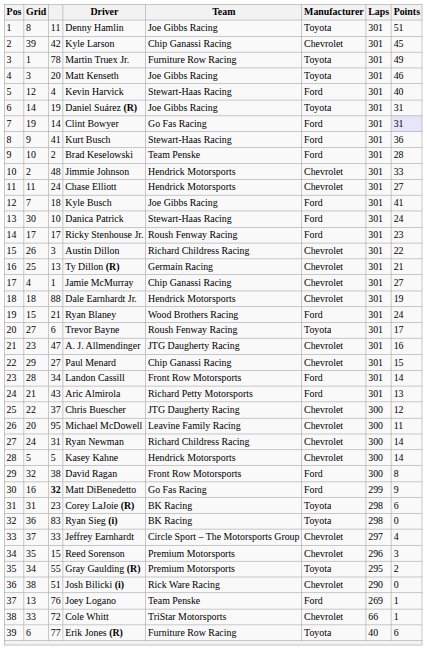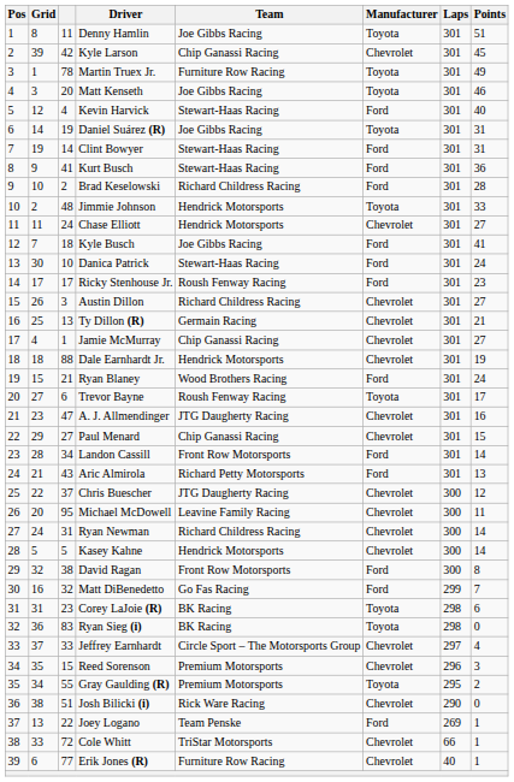 <table class="wikitable" style="font-size:98%">
 <tr>
 <th>Pos</th>
 <th>Grid</th>
 <th></th>
 <th>Driver</th>
 <th>Team</th>
 <th>Manufacturer</th>
 <th>Laps</th>
 <th>Points</th>
 </tr>
 <tr>
 <td>1</td>
 <td>8</td>
 <td>11</td>
 <td>Denny Hamlin</td>
 <td>Joe Gibbs Racing</td>
 <td>Toyota</td>
 <td>301</td>
 <td>51</td>
 </tr>
 <tr>
 <td>2</td>
 <td>39</td>
 <td>42</td>
 <td>Kyle Larson</td>
 <td>Chip Ganassi Racing</td>
 <td>Chevrolet</td>
 <td>301</td>
 <td>45</td>
 </tr>
 <tr>
 <td>3</td>
 <td>1</td>
 <td>78</td>
 <td>Martin Truex Jr.</td>
 <td>Furniture Row Racing</td>
 <td>Toyota</td>
 <td>301</td>
 <td>49</td>
 </tr>
 <tr>
 <td>4</td>
 <td>3</td>
 <td>20</td>
 <td>Matt Kenseth</td>
 <td>Joe Gibbs Racing</td>
 <td>Toyota</td>
 <td>301</td>
 <td>46</td>
 </tr>
 <tr>
 <td>5</td>
 <td>12</td>
 <td>4</td>
 <td>Kevin Harvick</td>
 <td>Stewart-Haas Racing</td>
 <td>Ford</td>
 <td>301</td>
 <td>40</td>
 </tr>
 <tr>
 <td>6</td>
 <td>14</td>
 <td>19</td>
 <td>Daniel Suárez <strong>(R)</strong></td>
 <td>Joe Gibbs Racing</td>
 <td>Toyota</td>
 <td>301</td>
 <td>31</td>
 </tr>
 <tr>
 <td>7</td>
 <td>19</td>
 <td>14</td>
 <td>Clint Bowyer</td>
-<td>Go Fas Racing</td>
+<td>Stewart-Haas Racing</td>
 <td>Ford</td>
 <td>301</td>
-<td style="background: lavender;">31</td>
+<td>31</td>
 </tr>
 <tr>
 <td>8</td>
 <td>9</td>
 <td>41</td>
 <td>Kurt Busch</td>
 <td>Stewart-Haas Racing</td>
 <td>Ford</td>
 <td>301</td>
 <td>36</td>
 </tr>
 <tr>
 <td>9</td>
 <td>10</td>
 <td>2</td>
 <td>Brad Keselowski</td>
-<td>Team Penske</td>
+<td>Richard Childress Racing</td>
 <td>Ford</td>
 <td>301</td>
 <td>28</td>
 </tr>
 <tr>
 <td>10</td>
 <td>2</td>
 <td>48</td>
 <td>Jimmie Johnson</td>
 <td>Hendrick Motorsports</td>
-<td>Chevrolet</td>
+<td>Toyota</td>
 <td>301</td>
 <td>33</td>
 </tr>
 <tr>
 <td>11</td>
 <td>11</td>
 <td>24</td>
 <td>Chase Elliott</td>
 <td>Hendrick Motorsports</td>
 <td>Chevrolet</td>
 <td>301</td>
 <td>27</td>
 </tr>
 <tr>
 <td>12</td>
 <td>7</td>
 <td>18</td>
 <td>Kyle Busch</td>
 <td>Joe Gibbs Racing</td>
 <td>Ford</td>
 <td>301</td>
 <td>41</td>
 </tr>
 <tr>
 <td>13</td>
 <td>30</td>
 <td>10</td>
 <td>Danica Patrick</td>
 <td>Stewart-Haas Racing</td>
 <td>Ford</td>
 <td>301</td>
 <td>24</td>
 </tr>
 <tr>
 <td>14</td>
 <td>17</td>
 <td>17</td>
 <td>Ricky Stenhouse Jr.</td>
 <td>Roush Fenway Racing</td>
 <td>Ford</td>
 <td>301</td>
 <td>23</td>
 </tr>
 <tr>
 <td>15</td>
 <td>26</td>
 <td>3</td>
 <td>Austin Dillon</td>
 <td>Richard Childress Racing</td>
 <td>Chevrolet</td>
 <td>301</td>
-<td>22</td>
+<td>27</td>
 </tr>
 <tr>
 <td>16</td>
 <td>25</td>
 <td>13</td>
 <td>Ty Dillon <strong>(R)</strong></td>
 <td>Germain Racing</td>
 <td>Chevrolet</td>
 <td>301</td>
 <td>21</td>
 </tr>
 <tr>
 <td>17</td>
 <td>4</td>
 <td>1</td>
 <td>Jamie McMurray</td>
 <td>Chip Ganassi Racing</td>
 <td>Chevrolet</td>
 <td>301</td>
 <td>27</td>
 </tr>
 <tr>
 <td>18</td>
 <td>18</td>
 <td>88</td>
 <td>Dale Earnhardt Jr.</td>
 <td>Hendrick Motorsports</td>
 <td>Chevrolet</td>
 <td>301</td>
 <td>19</td>
 </tr>
 <tr>
 <td>19</td>
 <td>15</td>
 <td>21</td>
 <td>Ryan Blaney</td>
 <td>Wood Brothers Racing</td>
 <td>Ford</td>
 <td>301</td>
 <td>24</td>
 </tr>
 <tr>
 <td>20</td>
 <td>27</td>
 <td>6</td>
 <td>Trevor Bayne</td>
 <td>Roush Fenway Racing</td>
 <td>Toyota</td>
 <td>301</td>
 <td>17</td>
 </tr>
 <tr>
 <td>21</td>
 <td>23</td>
 <td>47</td>
 <td>A. J. Allmendinger</td>
 <td>JTG Daugherty Racing</td>
 <td>Chevrolet</td>
 <td>301</td>
 <td>16</td>
 </tr>
 <tr>
 <td>22</td>
 <td>29</td>
 <td>27</td>
 <td>Paul Menard</td>
 <td>Chip Ganassi Racing</td>
 <td>Chevrolet</td>
 <td>301</td>
 <td>15</td>
 </tr>
 <tr>
 <td>23</td>
 <td>28</td>
 <td>34</td>
 <td>Landon Cassill</td>
 <td>Front Row Motorsports</td>
 <td>Ford</td>
 <td>301</td>
 <td>14</td>
 </tr>
 <tr>
 <td>24</td>
 <td>21</td>
 <td>43</td>
 <td>Aric Almirola</td>
 <td>Richard Petty Motorsports</td>
 <td>Ford</td>
 <td>301</td>
 <td>13</td>
 </tr>
 <tr>
 <td>25</td>
 <td>22</td>
 <td>37</td>
 <td>Chris Buescher</td>
 <td>JTG Daugherty Racing</td>
 <td>Chevrolet</td>
 <td>300</td>
 <td>12</td>
 </tr>
 <tr>
 <td>26</td>
 <td>20</td>
 <td>95</td>
 <td>Michael McDowell</td>
 <td>Leavine Family Racing</td>
 <td>Chevrolet</td>
 <td>300</td>
 <td>11</td>
 </tr>
 <tr>
 <td>27</td>
 <td>24</td>
 <td>31</td>
 <td>Ryan Newman</td>
 <td>Richard Childress Racing</td>
 <td>Chevrolet</td>
 <td>300</td>
 <td>14</td>
 </tr>
 <tr>
 <td>28</td>
 <td>5</td>
 <td>5</td>
 <td>Kasey Kahne</td>
 <td>Hendrick Motorsports</td>
 <td>Chevrolet</td>
 <td>300</td>
 <td>14</td>
 </tr>
 <tr>
 <td>29</td>
 <td>32</td>
 <td>38</td>
 <td>David Ragan</td>
 <td>Front Row Motorsports</td>
 <td>Ford</td>
 <td>300</td>
 <td>8</td>
 </tr>
 <tr>
 <td>30</td>
 <td>16</td>
-<td><strong>32</strong></td>
+<td>32</td>
 <td>Matt DiBenedetto</td>
 <td>Go Fas Racing</td>
 <td>Ford</td>
 <td>299</td>
-<td>9</td>
+<td>7</td>
 </tr>
 <tr>
 <td>31</td>
 <td>31</td>
 <td>23</td>
 <td>Corey LaJoie <strong>(R)</strong></td>
 <td>BK Racing</td>
 <td>Toyota</td>
 <td>298</td>
 <td>6</td>
 </tr>
 <tr>
 <td>32</td>
 <td>36</td>
 <td>83</td>
 <td>Ryan Sieg <strong>(i)</strong></td>
 <td>BK Racing</td>
 <td>Toyota</td>
 <td>298</td>
 <td>0</td>
 </tr>
 <tr>
 <td>33</td>
 <td>37</td>
 <td>33</td>
 <td>Jeffrey Earnhardt</td>
 <td>Circle Sport – The Motorsports Group</td>
 <td>Chevrolet</td>
 <td>297</td>
 <td>4</td>
 </tr>
 <tr>
 <td>34</td>
 <td>35</td>
 <td>15</td>
 <td>Reed Sorenson</td>
 <td>Premium Motorsports</td>
 <td>Chevrolet</td>
 <td>296</td>
 <td>3</td>
 </tr>
 <tr>
 <td>35</td>
 <td>34</td>
 <td>55</td>
 <td>Gray Gaulding <strong>(R)</strong></td>
 <td>Premium Motorsports</td>
 <td>Toyota</td>
 <td>295</td>
 <td>2</td>
 </tr>
 <tr>
 <td>36</td>
 <td>38</td>
 <td>51</td>
 <td>Josh Bilicki <strong>(i)</strong></td>
 <td>Rick Ware Racing</td>
 <td>Chevrolet</td>
 <td>290</td>
 <td>0</td>
 </tr>
 <tr>
 <td>37</td>
 <td>13</td>
-<td>76</td>
+<td>22</td>
 <td>Joey Logano</td>
 <td>Team Penske</td>
 <td>Ford</td>
 <td>269</td>
 <td>1</td>
 </tr>
 <tr>
 <td>38</td>
 <td>33</td>
 <td>72</td>
 <td>Cole Whitt</td>
 <td>TriStar Motorsports</td>
 <td>Chevrolet</td>
 <td>66</td>
 <td>1</td>
 </tr>
 <tr>
 <td>39</td>
 <td>6</td>
 <td>77</td>
 <td>Erik Jones <strong>(R)</strong></td>
 <td>Furniture Row Racing</td>
-<td>Toyota</td>
+<td>Chevrolet</td>
 <td>40</td>
-<td>6</td>
+<td>1</td>
 </tr>
 <tr>
 <th colspan="8"></th>
 </tr>
 </table>
